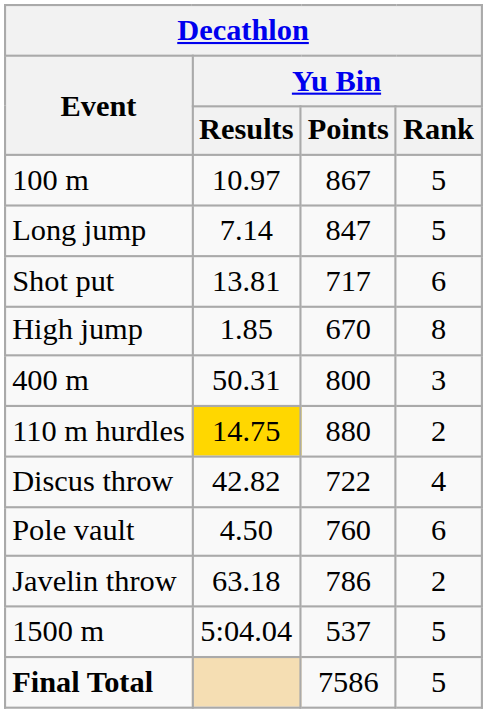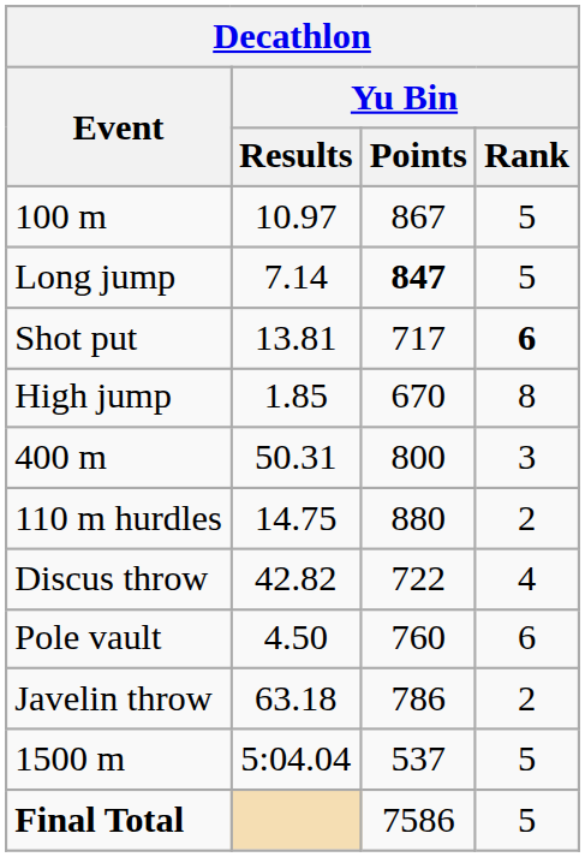 <table class=wikitable style="font-size:90%">
 <tr>
 <th colspan=6><a href='#'>Decathlon</a></th>
 </tr>
 <tr>
 <th rowspan=2>Event</th>
 <th colspan=3><a href='#'>Yu Bin</a></th>
 </tr>
 <tr>
 <th>Results</th>
 <th>Points</th>
 <th>Rank</th>
 </tr>
 <tr>
 <td>100 m</td>
 <td align=center>10.97</td>
 <td align=center>867</td>
 <td align=center>5</td>
 </tr>
 <tr>
 <td>Long jump</td>
 <td align=center>7.14</td>
-<td align=center>847</td>
+<td align=center><strong>847</strong></td>
 <td align=center>5</td>
 </tr>
 <tr>
 <td>Shot put</td>
 <td align=center>13.81</td>
 <td align=center>717</td>
-<td align=center>6</td>
+<td align=center><strong>6</strong></td>
 </tr>
 <tr>
 <td>High jump</td>
 <td align=center>1.85</td>
 <td align=center>670</td>
 <td align=center>8</td>
 </tr>
 <tr>
 <td>400 m</td>
 <td align=center>50.31</td>
 <td align=center>800</td>
 <td align=center>3</td>
 </tr>
 <tr>
 <td>110 m hurdles</td>
-<td align=center style="background: gold;">14.75</td>
+<td align=center>14.75</td>
 <td align=center>880</td>
 <td align=center>2</td>
 </tr>
 <tr>
 <td>Discus throw</td>
 <td align=center>42.82</td>
 <td align=center>722</td>
 <td align=center>4</td>
 </tr>
 <tr>
 <td>Pole vault</td>
 <td align=center>4.50</td>
 <td align=center>760</td>
 <td align=center>6</td>
 </tr>
 <tr>
 <td>Javelin throw</td>
 <td align=center>63.18</td>
 <td align=center>786</td>
 <td align=center>2</td>
 </tr>
 <tr>
 <td>1500 m</td>
 <td align=center>5:04.04</td>
 <td align=center>537</td>
 <td align=center>5</td>
 </tr>
 <tr>
 <td><strong>Final Total</strong></td>
 <td bgcolor=wheat></td>
 <td align=center>7586</td>
 <td align=center>5</td>
 </tr>
 </table>
